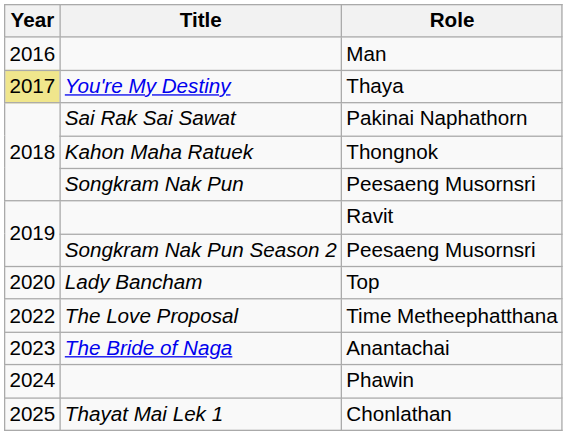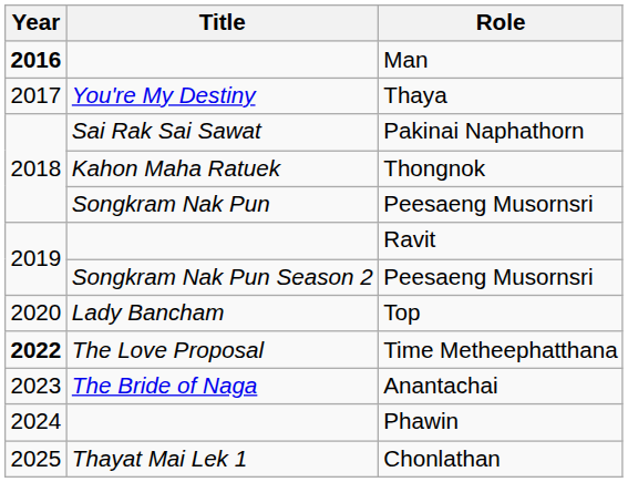 <table class="wikitable">
 <tr>
 <th>Year</th>
 <th>Title</th>
 <th>Role</th>
 </tr>
 <tr>
-<td>2016</td>
+<td><strong>2016</strong></td>
 <td><em></em></td>
 <td>Man</td>
 </tr>
 <tr>
-<td style="background: khaki;">2017</td>
+<td>2017</td>
 <td><em><a href='#'>You're My Destiny</a></em></td>
 <td>Thaya</td>
 </tr>
 <tr>
 <td rowspan="3">2018</td>
 <td><em>Sai Rak Sai Sawat</em></td>
 <td>Pakinai Naphathorn</td>
 </tr>
 <tr>
 <td><em>Kahon Maha Ratuek</em></td>
 <td>Thongnok</td>
 </tr>
 <tr>
 <td><em>Songkram Nak Pun</em></td>
 <td>Peesaeng Musornsri</td>
 </tr>
 <tr>
 <td rowspan="2">2019</td>
 <td><em></em></td>
 <td>Ravit</td>
 </tr>
 <tr>
 <td><em>Songkram Nak Pun Season 2</em></td>
 <td>Peesaeng Musornsri</td>
 </tr>
 <tr>
 <td>2020</td>
 <td><em>Lady Bancham</em></td>
 <td>Top</td>
 </tr>
 <tr>
-<td>2022</td>
+<td><strong>2022</strong></td>
 <td><em>The Love Proposal</em></td>
 <td>Time Metheephatthana</td>
 </tr>
 <tr>
 <td>2023</td>
 <td><em><a href='#'>The Bride of Naga</a></em></td>
 <td>Anantachai</td>
 </tr>
 <tr>
 <td>2024</td>
 <td><em></em></td>
 <td>Phawin</td>
 </tr>
 <tr>
 <td>2025</td>
 <td><em>Thayat Mai Lek 1</em></td>
 <td>Chonlathan</td>
 </tr>
 </table>
